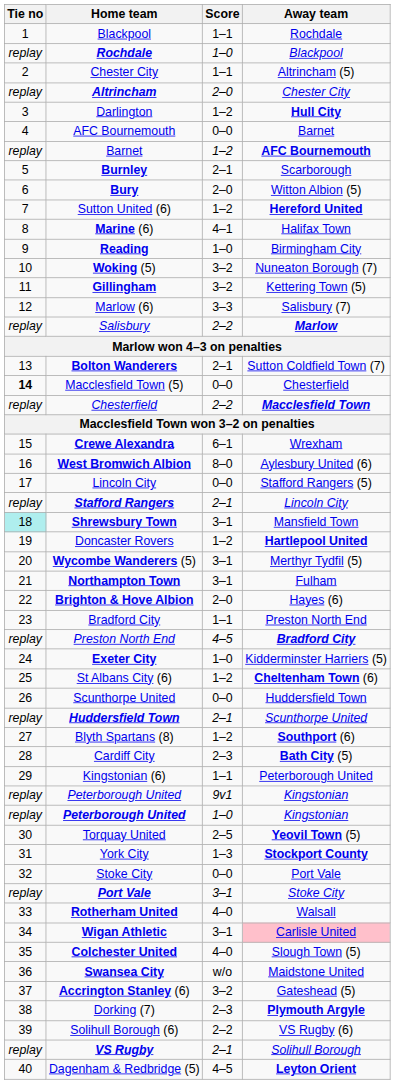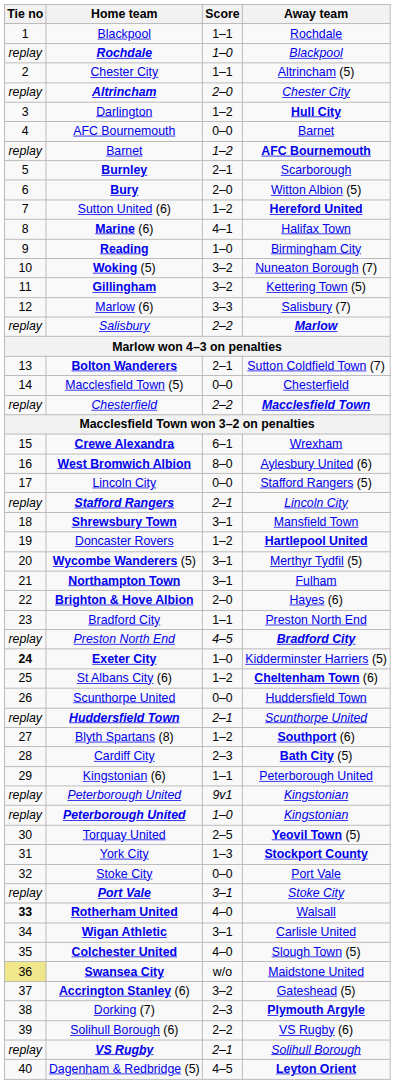 <table class="wikitable" style="text-align: center">
 <tr>
 <th>Tie no</th>
 <th>Home team</th>
 <th>Score</th>
 <th>Away team</th>
 </tr>
 <tr>
 <td>1</td>
 <td><a href='#'>Blackpool</a></td>
 <td>1–1</td>
 <td><a href='#'>Rochdale</a></td>
 </tr>
 <tr>
 <td><em>replay</em></td>
 <td><strong><em><a href='#'>Rochdale</a></em></strong></td>
 <td><em>1–0</em></td>
 <td><em><a href='#'>Blackpool</a></em></td>
 </tr>
 <tr>
 <td>2</td>
 <td><a href='#'>Chester City</a></td>
 <td>1–1</td>
 <td><a href='#'>Altrincham</a> (5)</td>
 </tr>
 <tr>
 <td><em>replay</em></td>
 <td><strong><em><a href='#'>Altrincham</a></em></strong></td>
 <td><em>2–0</em></td>
 <td><em><a href='#'>Chester City</a></em></td>
 </tr>
 <tr>
 <td>3</td>
 <td><a href='#'>Darlington</a></td>
 <td>1–2</td>
 <td><strong><a href='#'>Hull City</a></strong></td>
 </tr>
 <tr>
 <td>4</td>
 <td><a href='#'>AFC Bournemouth</a></td>
 <td>0–0</td>
 <td><a href='#'>Barnet</a></td>
 </tr>
 <tr>
 <td><em>replay</em></td>
 <td><a href='#'>Barnet</a></td>
 <td><em>1–2</em></td>
 <td><strong><a href='#'>AFC Bournemouth</a></strong></td>
 </tr>
 <tr>
 <td>5</td>
 <td><strong><a href='#'>Burnley</a></strong></td>
 <td>2–1</td>
 <td><a href='#'>Scarborough</a></td>
 </tr>
 <tr>
 <td>6</td>
 <td><strong><a href='#'>Bury</a></strong></td>
 <td>2–0</td>
 <td><a href='#'>Witton Albion</a> (5)</td>
 </tr>
 <tr>
 <td>7</td>
 <td><a href='#'>Sutton United</a> (6)</td>
 <td>1–2</td>
 <td><strong><a href='#'>Hereford United</a></strong></td>
 </tr>
 <tr>
 <td>8</td>
 <td><strong><a href='#'>Marine</a></strong> (6)</td>
 <td>4–1</td>
 <td><a href='#'>Halifax Town</a></td>
 </tr>
 <tr>
 <td>9</td>
 <td><strong><a href='#'>Reading</a></strong></td>
 <td>1–0</td>
 <td><a href='#'>Birmingham City</a></td>
 </tr>
 <tr>
 <td>10</td>
 <td><strong><a href='#'>Woking</a></strong> (5)</td>
 <td>3–2</td>
 <td><a href='#'>Nuneaton Borough</a> (7)</td>
 </tr>
 <tr>
 <td>11</td>
 <td><strong><a href='#'>Gillingham</a></strong></td>
 <td>3–2</td>
 <td><a href='#'>Kettering Town</a> (5)</td>
 </tr>
 <tr>
 <td>12</td>
 <td><a href='#'>Marlow</a> (6)</td>
 <td>3–3</td>
 <td><a href='#'>Salisbury</a> (7)</td>
 </tr>
 <tr>
 <td><em>replay</em></td>
 <td><em><a href='#'>Salisbury</a></em></td>
 <td><em>2–2</em></td>
 <td><strong><em><a href='#'>Marlow</a></em></strong></td>
 </tr>
 <tr>
 <th colspan=4>Marlow won 4–3 on penalties</th>
 </tr>
 <tr>
 <td>13</td>
 <td><strong><a href='#'>Bolton Wanderers</a></strong></td>
 <td>2–1</td>
 <td><a href='#'>Sutton Coldfield Town</a> (7)</td>
 </tr>
 <tr>
-<td><strong>14</strong></td>
+<td>14</td>
 <td><a href='#'>Macclesfield Town</a> (5)</td>
 <td>0–0</td>
 <td><a href='#'>Chesterfield</a></td>
 </tr>
 <tr>
 <td><em>replay</em></td>
 <td><em><a href='#'>Chesterfield</a></em></td>
 <td><em>2–2</em></td>
 <td><strong><em><a href='#'>Macclesfield Town</a></em></strong></td>
 </tr>
 <tr>
 <th colspan=4>Macclesfield Town won 3–2 on penalties</th>
 </tr>
 <tr>
 <td>15</td>
 <td><strong><a href='#'>Crewe Alexandra</a></strong></td>
 <td>6–1</td>
 <td><a href='#'>Wrexham</a></td>
 </tr>
 <tr>
 <td>16</td>
 <td><strong><a href='#'>West Bromwich Albion</a></strong></td>
 <td>8–0</td>
 <td><a href='#'>Aylesbury United</a> (6)</td>
 </tr>
 <tr>
 <td>17</td>
 <td><a href='#'>Lincoln City</a></td>
 <td>0–0</td>
 <td><a href='#'>Stafford Rangers</a> (5)</td>
 </tr>
 <tr>
 <td><em>replay</em></td>
 <td><strong><em><a href='#'>Stafford Rangers</a></em></strong></td>
 <td><em>2–1</em></td>
 <td><em><a href='#'>Lincoln City</a></em></td>
 </tr>
 <tr>
-<td style="background: paleturquoise;">18</td>
+<td>18</td>
 <td><strong><a href='#'>Shrewsbury Town</a></strong></td>
 <td>3–1</td>
 <td><a href='#'>Mansfield Town</a></td>
 </tr>
 <tr>
 <td>19</td>
 <td><a href='#'>Doncaster Rovers</a></td>
 <td>1–2</td>
 <td><strong><a href='#'>Hartlepool United</a></strong></td>
 </tr>
 <tr>
 <td>20</td>
 <td><strong><a href='#'>Wycombe Wanderers</a></strong> (5)</td>
 <td>3–1</td>
 <td><a href='#'>Merthyr Tydfil</a> (5)</td>
 </tr>
 <tr>
 <td>21</td>
 <td><strong><a href='#'>Northampton Town</a></strong></td>
 <td>3–1</td>
 <td><a href='#'>Fulham</a></td>
 </tr>
 <tr>
 <td>22</td>
 <td><strong><a href='#'>Brighton & Hove Albion</a></strong></td>
 <td>2–0</td>
 <td><a href='#'>Hayes</a> (6)</td>
 </tr>
 <tr>
 <td>23</td>
 <td><a href='#'>Bradford City</a></td>
 <td>1–1</td>
 <td><a href='#'>Preston North End</a></td>
 </tr>
 <tr>
 <td><em>replay</em></td>
 <td><em><a href='#'>Preston North End</a></em></td>
 <td><em>4–5</em></td>
 <td><strong><em><a href='#'>Bradford City</a></em></strong></td>
 </tr>
 <tr>
-<td>24</td>
+<td><strong>24</strong></td>
 <td><strong><a href='#'>Exeter City</a></strong></td>
 <td>1–0</td>
 <td><a href='#'>Kidderminster Harriers</a> (5)</td>
 </tr>
 <tr>
 <td>25</td>
 <td><a href='#'>St Albans City</a> (6)</td>
 <td>1–2</td>
 <td><strong><a href='#'>Cheltenham Town</a></strong> (6)</td>
 </tr>
 <tr>
 <td>26</td>
 <td><a href='#'>Scunthorpe United</a></td>
 <td>0–0</td>
 <td><a href='#'>Huddersfield Town</a></td>
 </tr>
 <tr>
 <td><em>replay</em></td>
 <td><strong><em><a href='#'>Huddersfield Town</a></em></strong></td>
 <td><em>2–1</em></td>
 <td><em><a href='#'>Scunthorpe United</a></em></td>
 </tr>
 <tr>
 <td>27</td>
 <td><a href='#'>Blyth Spartans</a> (8)</td>
 <td>1–2</td>
 <td><strong><a href='#'>Southport</a></strong> (6)</td>
 </tr>
 <tr>
 <td>28</td>
 <td><a href='#'>Cardiff City</a></td>
 <td>2–3</td>
 <td><strong><a href='#'>Bath City</a></strong> (5)</td>
 </tr>
 <tr>
 <td>29</td>
 <td><a href='#'>Kingstonian</a> (6)</td>
 <td>1–1</td>
 <td><a href='#'>Peterborough United</a></td>
 </tr>
 <tr>
 <td><em>replay</em></td>
 <td><em><a href='#'>Peterborough United</a></em></td>
 <td><em>9v1</em></td>
 <td><em><a href='#'>Kingstonian</a></em></td>
 </tr>
 <tr>
 <td><em>replay</em></td>
 <td><strong><em><a href='#'>Peterborough United</a></em></strong></td>
 <td><em>1–0</em></td>
 <td><em><a href='#'>Kingstonian</a></em></td>
 </tr>
 <tr>
 <td>30</td>
 <td><a href='#'>Torquay United</a></td>
 <td>2–5</td>
 <td><strong><a href='#'>Yeovil Town</a></strong> (5)</td>
 </tr>
 <tr>
 <td>31</td>
 <td><a href='#'>York City</a></td>
 <td>1–3</td>
 <td><strong><a href='#'>Stockport County</a></strong></td>
 </tr>
 <tr>
 <td>32</td>
 <td><a href='#'>Stoke City</a></td>
 <td>0–0</td>
 <td><a href='#'>Port Vale</a></td>
 </tr>
 <tr>
 <td><em>replay</em></td>
 <td><strong><em><a href='#'>Port Vale</a></em></strong></td>
 <td><em>3–1</em></td>
 <td><em><a href='#'>Stoke City</a></em></td>
 </tr>
 <tr>
-<td>33</td>
+<td><strong>33</strong></td>
 <td><strong><a href='#'>Rotherham United</a></strong></td>
 <td>4–0</td>
 <td><a href='#'>Walsall</a></td>
 </tr>
 <tr>
 <td>34</td>
 <td><strong><a href='#'>Wigan Athletic</a></strong></td>
 <td>3–1</td>
-<td style="background: pink;"><a href='#'>Carlisle United</a></td>
+<td><a href='#'>Carlisle United</a></td>
 </tr>
 <tr>
 <td>35</td>
 <td><strong><a href='#'>Colchester United</a></strong></td>
 <td>4–0</td>
 <td><a href='#'>Slough Town</a> (5)</td>
 </tr>
 <tr>
-<td>36</td>
+<td style="background: khaki;">36</td>
 <td><strong><a href='#'>Swansea City</a></strong></td>
 <td>w/o</td>
 <td><a href='#'>Maidstone United</a></td>
 </tr>
 <tr>
 <td>37</td>
 <td><strong><a href='#'>Accrington Stanley</a></strong> (6)</td>
 <td>3–2</td>
 <td><a href='#'>Gateshead</a> (5)</td>
 </tr>
 <tr>
 <td>38</td>
 <td><a href='#'>Dorking</a> (7)</td>
 <td>2–3</td>
 <td><strong><a href='#'>Plymouth Argyle</a></strong></td>
 </tr>
 <tr>
 <td>39</td>
 <td><a href='#'>Solihull Borough</a> (6)</td>
 <td>2–2</td>
 <td><a href='#'>VS Rugby</a> (6)</td>
 </tr>
 <tr>
 <td><em>replay</em></td>
 <td><strong><em><a href='#'>VS Rugby</a></em></strong></td>
 <td><em>2–1</em></td>
 <td><em><a href='#'>Solihull Borough</a></em></td>
 </tr>
 <tr>
 <td>40</td>
 <td><a href='#'>Dagenham & Redbridge</a> (5)</td>
 <td>4–5</td>
 <td><strong><a href='#'>Leyton Orient</a></strong></td>
 </tr>
 </table>
